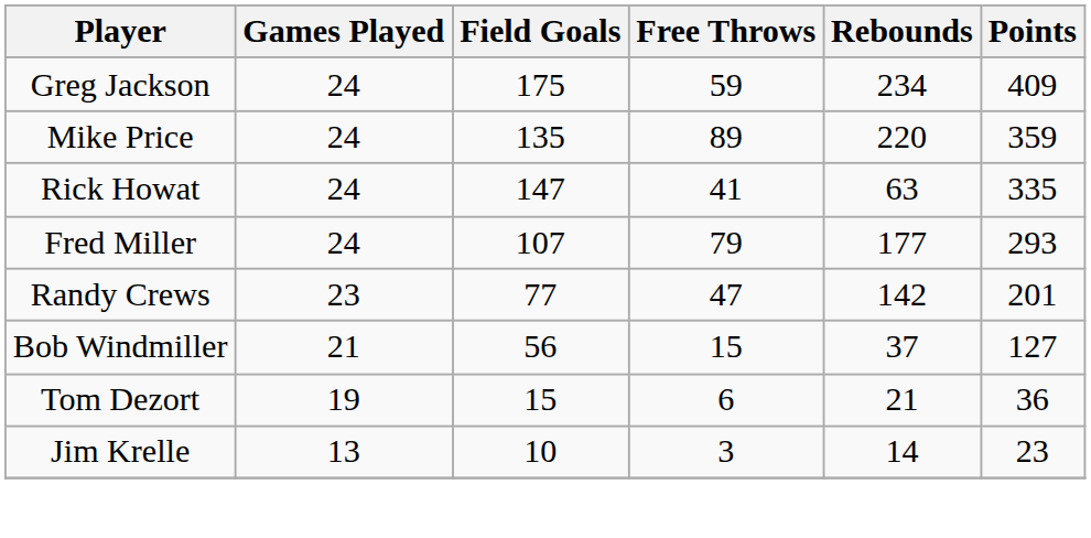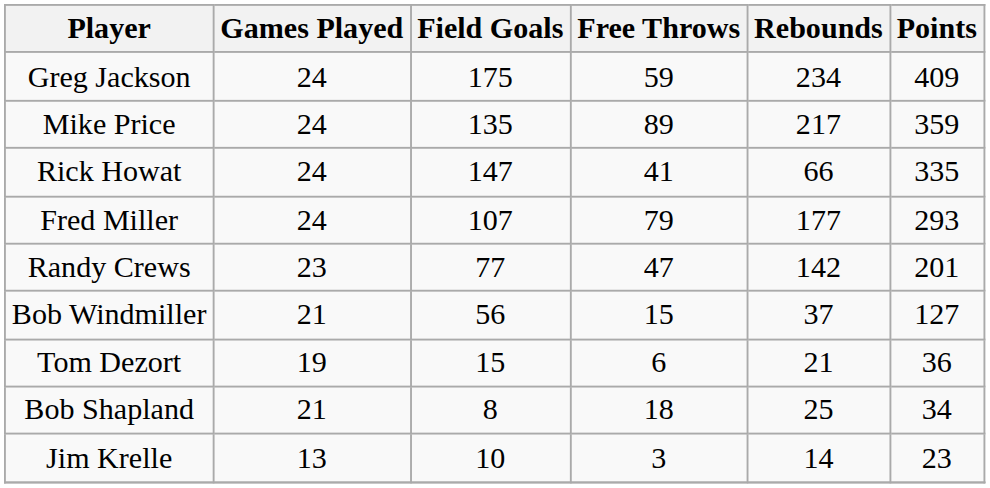 <table class="wikitable sortable">
 <tr>
 <th>Player</th>
 <th>Games Played</th>
 <th>Field Goals</th>
 <th>Free Throws</th>
 <th>Rebounds</th>
 <th>Points</th>
 </tr>
 <tr align="center" bgcolor="">
 <td>Greg Jackson</td>
 <td>24</td>
 <td>175</td>
 <td>59</td>
 <td>234</td>
 <td>409</td>
 </tr>
 <tr align="center" bgcolor="">
 <td>Mike Price</td>
 <td>24</td>
 <td>135</td>
 <td>89</td>
-<td>220</td>
+<td>217</td>
 <td>359</td>
 </tr>
 <tr align="center" bgcolor="">
 <td>Rick Howat</td>
 <td>24</td>
 <td>147</td>
 <td>41</td>
-<td>63</td>
+<td>66</td>
 <td>335</td>
 </tr>
 <tr align="center" bgcolor="">
 <td>Fred Miller</td>
 <td>24</td>
 <td>107</td>
 <td>79</td>
 <td>177</td>
 <td>293</td>
 </tr>
 <tr align="center" bgcolor="">
 <td>Randy Crews</td>
 <td>23</td>
 <td>77</td>
 <td>47</td>
 <td>142</td>
 <td>201</td>
 </tr>
 <tr align="center" bgcolor="">
 <td>Bob Windmiller</td>
 <td>21</td>
 <td>56</td>
 <td>15</td>
 <td>37</td>
 <td>127</td>
 </tr>
 <tr align="center" bgcolor="">
 <td>Tom Dezort</td>
 <td>19</td>
 <td>15</td>
 <td>6</td>
 <td>21</td>
 <td>36</td>
 </tr>
 <tr align="center" bgcolor="">
+<td>Bob Shapland</td>
+<td>21</td>
+<td>8</td>
+<td>18</td>
+<td>25</td>
+<td>34</td>
+</tr>
+<tr align="center" bgcolor="">
 <td>Jim Krelle</td>
 <td>13</td>
 <td>10</td>
 <td>3</td>
 <td>14</td>
 <td>23</td>
 </tr>
 <tr align="center" bgcolor="">
 </tr>
 </table>
